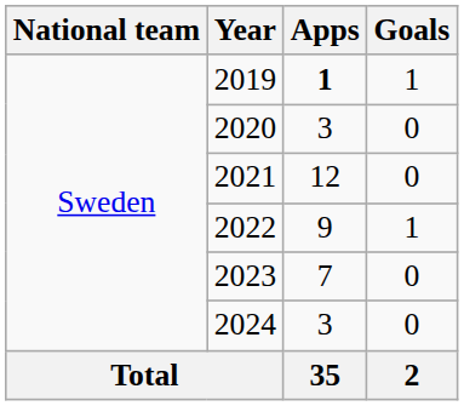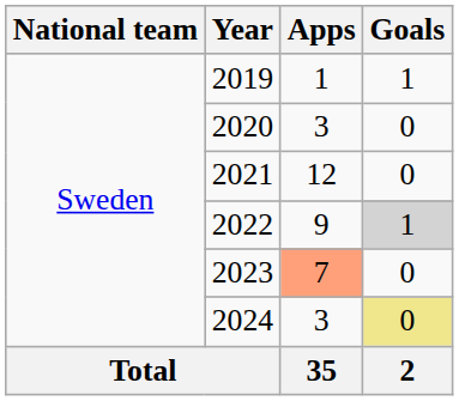 <table class="wikitable" style="text-align:center">
 <tr>
 <th>National team</th>
 <th>Year</th>
 <th>Apps</th>
 <th>Goals</th>
 </tr>
 <tr>
 <td rowspan="6"><a href='#'>Sweden</a></td>
 <td>2019</td>
-<td><strong>1</strong></td>
+<td>1</td>
 <td>1</td>
 </tr>
 <tr>
 <td>2020</td>
 <td>3</td>
 <td>0</td>
 </tr>
 <tr>
 <td>2021</td>
 <td>12</td>
 <td>0</td>
 </tr>
 <tr>
 <td>2022</td>
 <td>9</td>
-<td>1</td>
+<td style="background: lightgrey;">1</td>
 </tr>
 <tr>
 <td>2023</td>
-<td>7</td>
+<td style="background: lightsalmon;">7</td>
 <td>0</td>
 </tr>
 <tr>
 <td>2024</td>
 <td>3</td>
-<td>0</td>
+<td style="background: khaki;">0</td>
 </tr>
 <tr>
 <th colspan="2">Total</th>
 <th>35</th>
 <th>2</th>
 </tr>
 </table>
